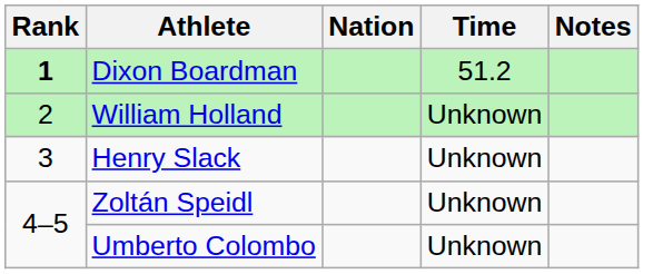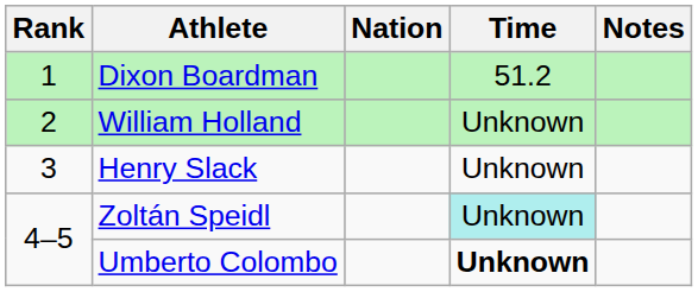 <table class="wikitable sortable" style="text-align:center">
 <tr>
 <th>Rank</th>
 <th>Athlete</th>
 <th>Nation</th>
 <th>Time</th>
 <th>Notes</th>
 </tr>
 <tr style="background:#bbf3bb;">
-<td><strong>1</strong></td>
+<td>1</td>
 <td align=left data-sort-value="Boardman, Dixon"><a href='#'>Dixon Boardman</a></td>
 <td align=left></td>
 <td>51.2</td>
 <td></td>
 </tr>
 <tr style="background:#bbf3bb;">
 <td>2</td>
 <td align=left data-sort-value="Holland, William"><a href='#'>William Holland</a></td>
 <td align=left></td>
 <td data-sort-value=60.0>Unknown</td>
 <td></td>
 </tr>
 <tr>
 <td>3</td>
 <td align=left data-sort-value="Slack, Henry"><a href='#'>Henry Slack</a></td>
 <td align=left></td>
 <td data-sort-value=60.0>Unknown</td>
 <td></td>
 </tr>
 <tr>
 <td rowspan=2>4–5</td>
 <td align=left data-sort-value="Speidl, Zoltán"><a href='#'>Zoltán Speidl</a></td>
 <td align=left></td>
-<td data-sort-value=60.0>Unknown</td>
+<td data-sort-value=60.0 style="background: paleturquoise;">Unknown</td>
 <td></td>
 </tr>
 <tr>
 <td align=left data-sort-value="Colombo, Umberto"><a href='#'>Umberto Colombo</a></td>
 <td align=left></td>
-<td data-sort-value=60.0>Unknown</td>
+<td data-sort-value=60.0><strong>Unknown</strong></td>
 <td></td>
 </tr>
 </table>
